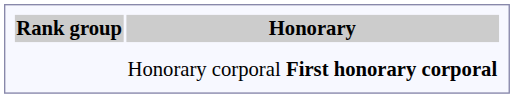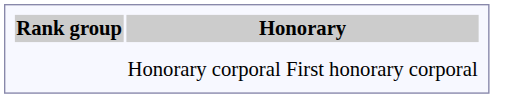 <table style="border:1px solid #8888aa; background-color:#f7f8ff; padding:5px; font-size:95%; margin: 0px 12px 12px 0px; text-align:center;">
 <tr bgcolor="#CCCCCC">
 <th>Rank group</th>
 <th colspan=2>Honorary</th>
 </tr>
 <tr>
 <td rowspan=3></td>
 <td></td>
 <td></td>
 </tr>
 <tr>
 <td></td>
 <td></td>
 </tr>
 <tr>
 <td>Honorary corporal</td>
-<td><strong>First honorary corporal</strong></td>
+<td>First honorary corporal</td>
 </tr>
 </table>
